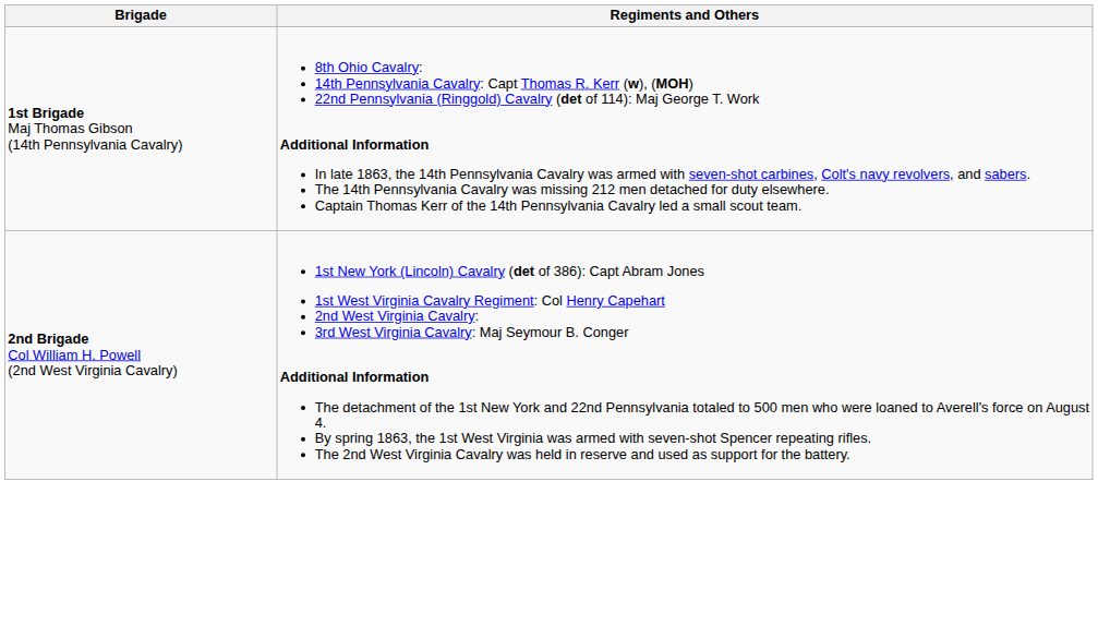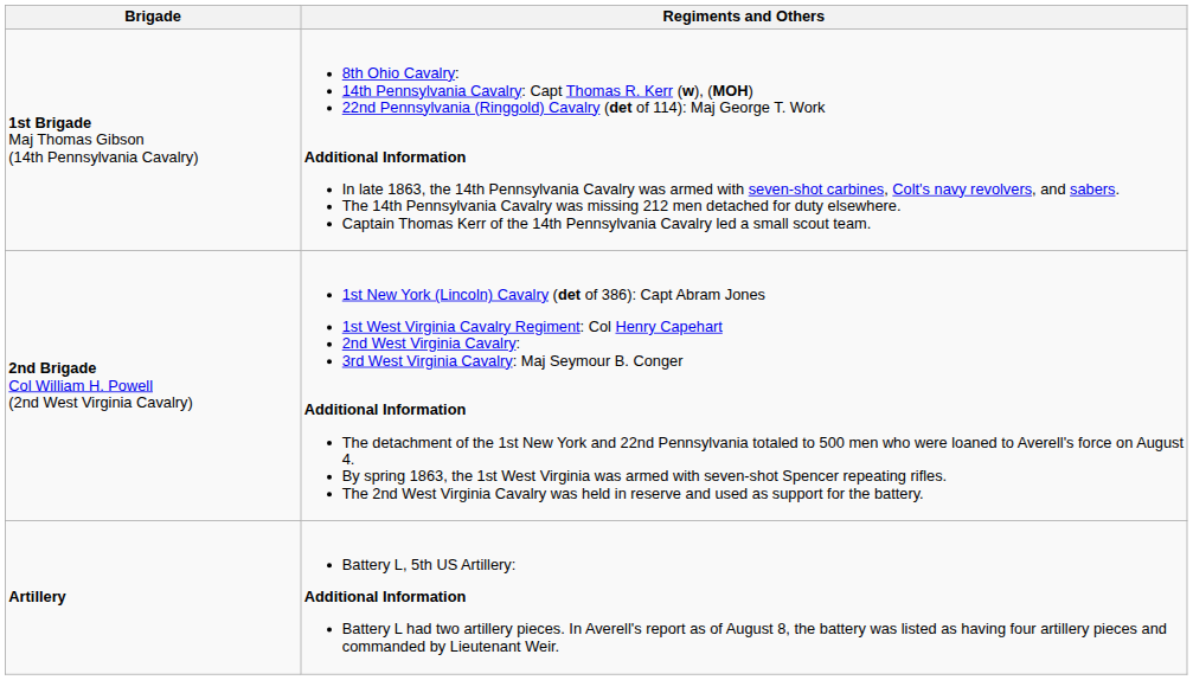 <table class="wikitable">
 <tr>
 <th width=25%>Brigade</th>
 <th>Regiments and Others</th>
 </tr>
 <tr>
 <td><strong>1st Brigade</strong><br>Maj Thomas Gibson<br>(14th Pennsylvania Cavalry)</td>
 <td><br><ul><li><a href='#'>8th Ohio Cavalry</a>:</li><li><a href='#'>14th Pennsylvania Cavalry</a>: Capt <a href='#'>Thomas R. Kerr</a> (<strong>w</strong>), (<strong>MOH</strong>)</li><li><a href='#'>22nd Pennsylvania (Ringgold) Cavalry</a> (<strong>det</strong> of 114): Maj George T. Work</li></ul><br> <strong>Additional Information</strong><ul><li>In late 1863, the 14th Pennsylvania Cavalry was armed with <a href='#'>seven-shot carbines</a>, <a href='#'>Colt's navy revolvers</a>, and <a href='#'>sabers</a>.</li><li>The 14th Pennsylvania Cavalry was missing 212 men detached for duty elsewhere.</li><li>Captain Thomas Kerr of the 14th Pennsylvania Cavalry led a small scout team.</li></ul></td>
 </tr>
 <tr>
 <td><strong>2nd Brigade</strong><br><a href='#'>Col William H. Powell</a><br>(2nd West Virginia Cavalry)</td>
 <td><br><ul><li><a href='#'>1st New York (Lincoln) Cavalry</a> (<strong>det</strong> of 386): Capt Abram Jones</li></ul><ul><li><a href='#'>1st West Virginia Cavalry Regiment</a>: Col <a href='#'>Henry Capehart</a></li><li><a href='#'>2nd West Virginia Cavalry</a>:</li><li><a href='#'>3rd West Virginia Cavalry</a>: Maj Seymour B. Conger</li></ul><br> <strong>Additional Information</strong><ul><li>The detachment of the 1st New York and 22nd Pennsylvania totaled to 500 men who were loaned to Averell's force on August 4.</li><li>By spring 1863, the 1st West Virginia was armed with seven-shot Spencer repeating rifles.</li><li>The 2nd West Virginia Cavalry was held in reserve and used as support for the battery.</li></ul></td>
 </tr>
+<tr>
+<td><strong>Artillery</strong></td>
+<td><br><ul><li>Battery L, 5th US Artillery: </li></ul><strong>Additional Information</strong><ul><li>Battery L had two artillery pieces. In Averell's report as of August 8, the battery was listed as having four artillery pieces and commanded by Lieutenant Weir.</li></ul></td>
+</tr>
 </table>
